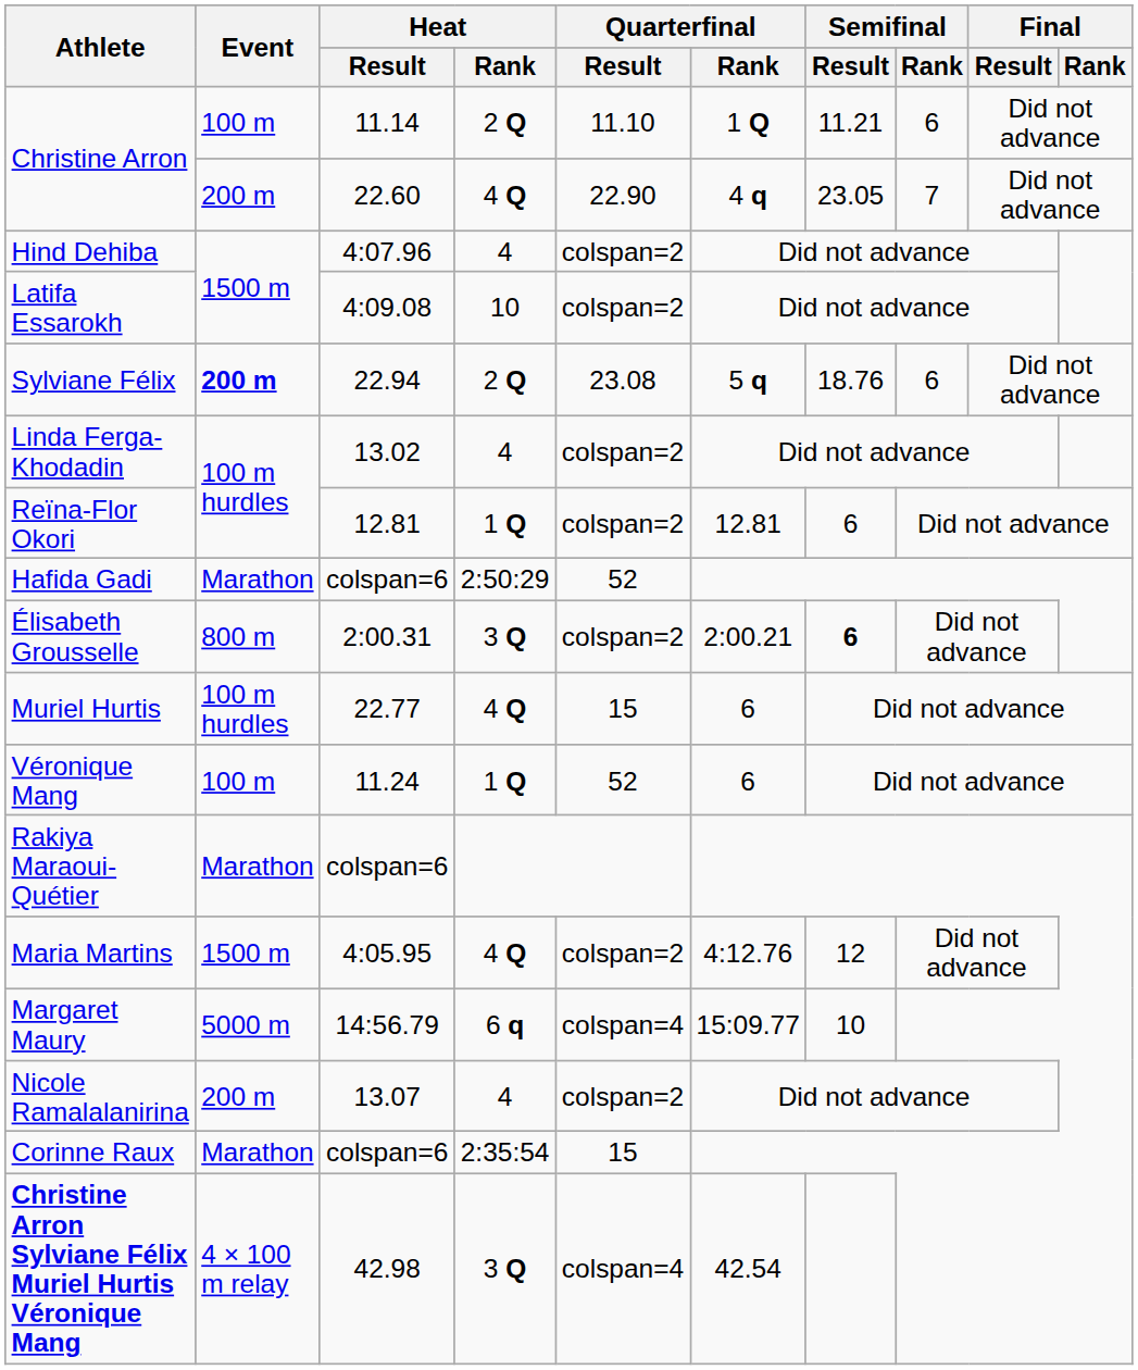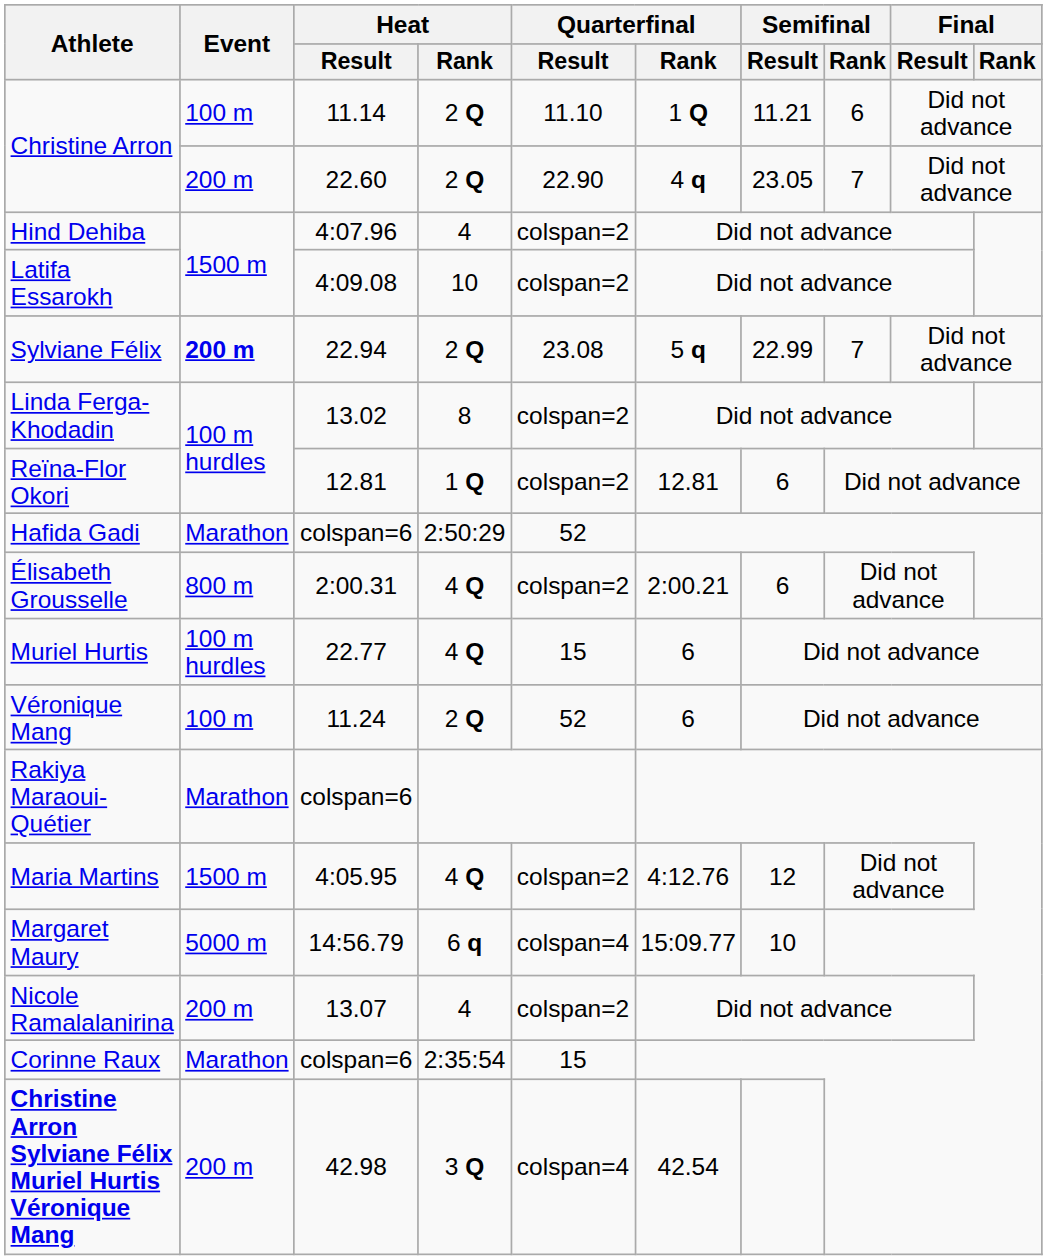 <table class=wikitable style="font-size:90%">
 <tr>
 <th rowspan="2">Athlete</th>
 <th rowspan="2">Event</th>
 <th colspan="2">Heat</th>
 <th colspan="2">Quarterfinal</th>
 <th colspan="2">Semifinal</th>
 <th colspan="2">Final</th>
 </tr>
 <tr style="font-size:95%">
 <th>Result</th>
 <th>Rank</th>
 <th>Result</th>
 <th>Rank</th>
 <th>Result</th>
 <th>Rank</th>
 <th>Result</th>
 <th>Rank</th>
 </tr>
 <tr align=center>
 <td align=left rowspan=2><a href='#'>Christine Arron</a></td>
 <td align=left><a href='#'>100 m</a></td>
 <td>11.14</td>
 <td>2 <strong>Q</strong></td>
 <td>11.10</td>
 <td>1 <strong>Q</strong></td>
 <td>11.21</td>
 <td>6</td>
 <td colspan=2>Did not advance</td>
 </tr>
 <tr align=center>
 <td align=left><a href='#'>200 m</a></td>
 <td>22.60</td>
-<td>4 <strong>Q</strong></td>
+<td>2 <strong>Q</strong></td>
 <td>22.90</td>
 <td>4 <strong>q</strong></td>
 <td>23.05</td>
 <td>7</td>
 <td colspan=2>Did not advance</td>
 </tr>
 <tr align=center>
 <td align=left><a href='#'>Hind Dehiba</a></td>
 <td align=left rowspan=2><a href='#'>1500 m</a></td>
 <td>4:07.96</td>
 <td>4</td>
 <td>colspan=2 </td>
 <td colspan=4>Did not advance</td>
 </tr>
 <tr align=center>
 <td align=left><a href='#'>Latifa Essarokh</a></td>
 <td>4:09.08</td>
 <td>10</td>
 <td>colspan=2 </td>
 <td colspan=4>Did not advance</td>
 </tr>
 <tr align=center>
 <td align=left><a href='#'>Sylviane Félix</a></td>
 <td align=left><strong><a href='#'>200 m</a></strong></td>
 <td>22.94</td>
 <td>2 <strong>Q</strong></td>
 <td>23.08</td>
 <td>5 <strong>q</strong></td>
-<td>18.76</td>
-<td>6</td>
+<td>22.99</td>
+<td>7</td>
 <td colspan=2>Did not advance</td>
 </tr>
 <tr align=center>
 <td align=left><a href='#'>Linda Ferga-Khodadin</a></td>
 <td align=left rowspan=2><a href='#'>100 m hurdles</a></td>
 <td>13.02</td>
-<td>4</td>
+<td>8</td>
 <td>colspan=2 </td>
 <td colspan=4>Did not advance</td>
 </tr>
 <tr align=center>
 <td align=left><a href='#'>Reïna-Flor Okori</a></td>
 <td>12.81</td>
 <td>1 <strong>Q</strong></td>
 <td>colspan=2 </td>
 <td>12.81</td>
 <td>6</td>
 <td colspan=4>Did not advance</td>
 </tr>
 <tr align=center>
 <td align=left><a href='#'>Hafida Gadi</a></td>
 <td align=left><a href='#'>Marathon</a></td>
 <td>colspan=6 </td>
 <td>2:50:29</td>
 <td>52</td>
 </tr>
 <tr align=center>
 <td align=left><a href='#'>Élisabeth Grousselle</a></td>
 <td align=left><a href='#'>800 m</a></td>
 <td>2:00.31</td>
-<td>3 <strong>Q</strong></td>
+<td>4 <strong>Q</strong></td>
 <td>colspan=2 </td>
 <td>2:00.21</td>
-<td><strong>6</strong></td>
+<td>6</td>
 <td colspan=2>Did not advance</td>
 </tr>
 <tr align=center>
 <td align=left><a href='#'>Muriel Hurtis</a></td>
 <td align=left><a href='#'>100 m hurdles</a></td>
 <td>22.77</td>
 <td>4 <strong>Q</strong></td>
 <td>15</td>
 <td>6</td>
 <td colspan=4>Did not advance</td>
 </tr>
 <tr align=center>
 <td align=left><a href='#'>Véronique Mang</a></td>
 <td align=left><a href='#'>100 m</a></td>
 <td>11.24</td>
-<td>1 <strong>Q</strong></td>
+<td>2 <strong>Q</strong></td>
 <td>52</td>
 <td>6</td>
 <td colspan=4>Did not advance</td>
 </tr>
 <tr align=center>
 <td align=left><a href='#'>Rakiya Maraoui-Quétier</a></td>
 <td align=left><a href='#'>Marathon</a></td>
 <td>colspan=6 </td>
 <td colspan=2></td>
 </tr>
 <tr align=center>
 <td align=left><a href='#'>Maria Martins</a></td>
 <td align=left><a href='#'>1500 m</a></td>
 <td>4:05.95</td>
 <td>4 <strong>Q</strong></td>
 <td>colspan=2 </td>
 <td>4:12.76</td>
 <td>12</td>
 <td colspan=2>Did not advance</td>
 </tr>
 <tr align=center>
 <td align=left><a href='#'>Margaret Maury</a></td>
 <td align=left><a href='#'>5000 m</a></td>
 <td>14:56.79</td>
 <td>6 <strong>q</strong></td>
 <td>colspan=4 </td>
 <td>15:09.77</td>
 <td>10</td>
 </tr>
 <tr align=center>
 <td align=left><a href='#'>Nicole Ramalalanirina</a></td>
 <td align=left><a href='#'>200 m</a></td>
 <td>13.07</td>
 <td>4</td>
 <td>colspan=2 </td>
 <td colspan=4>Did not advance</td>
 </tr>
 <tr align=center>
 <td align=left><a href='#'>Corinne Raux</a></td>
 <td align=left><a href='#'>Marathon</a></td>
 <td>colspan=6 </td>
 <td>2:35:54</td>
 <td>15</td>
 </tr>
 <tr align=center>
 <td align=left><strong><a href='#'>Christine Arron</a><br><a href='#'>Sylviane Félix</a><br><a href='#'>Muriel Hurtis</a><br><a href='#'>Véronique Mang</a></strong></td>
-<td align=left><a href='#'>4 × 100 m relay</a></td>
+<td align=left><a href='#'>200 m</a></td>
 <td>42.98</td>
 <td>3 <strong>Q</strong></td>
 <td>colspan=4 </td>
 <td>42.54</td>
 <td></td>
 </tr>
 </table>
